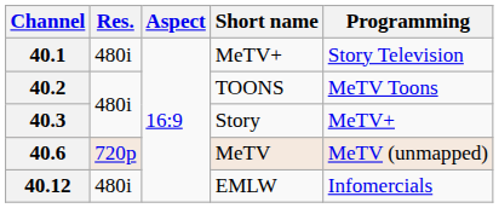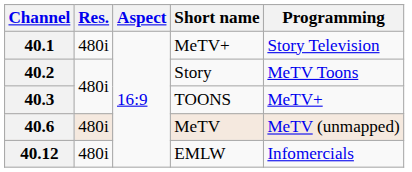 <table class="wikitable">
 <tr>
 <th scope = "col"><a href='#'>Channel</a></th>
 <th scope = "col"><a href='#'>Res.</a></th>
 <th scope = "col"><a href='#'>Aspect</a></th>
 <th scope = "col">Short name</th>
 <th scope = "col">Programming</th>
 </tr>
 <tr>
 <th scope = "row">40.1</th>
 <td>480i</td>
 <td rowspan="5"><a href='#'>16:9</a></td>
 <td>MeTV+</td>
 <td><a href='#'>Story Television</a></td>
 </tr>
 <tr>
 <th scope = "row">40.2</th>
 <td rowspan="2">480i</td>
-<td>TOONS</td>
+<td>Story</td>
 <td><a href='#'>MeTV Toons</a></td>
 </tr>
 <tr>
 <th scope = "row">40.3</th>
-<td>Story</td>
+<td>TOONS</td>
 <td><a href='#'>MeTV+</a></td>
 </tr>
 <tr style="background-color:#F5E9DF">
 <th scope = "row">40.6</th>
-<td><a href='#'>720p</a></td>
+<td>480i</td>
 <td>MeTV</td>
 <td><a href='#'>MeTV</a> (unmapped) </td>
 </tr>
 <tr>
 <th scope = "row">40.12</th>
 <td>480i</td>
 <td>EMLW</td>
 <td><a href='#'>Infomercials</a></td>
 </tr>
 </table>
